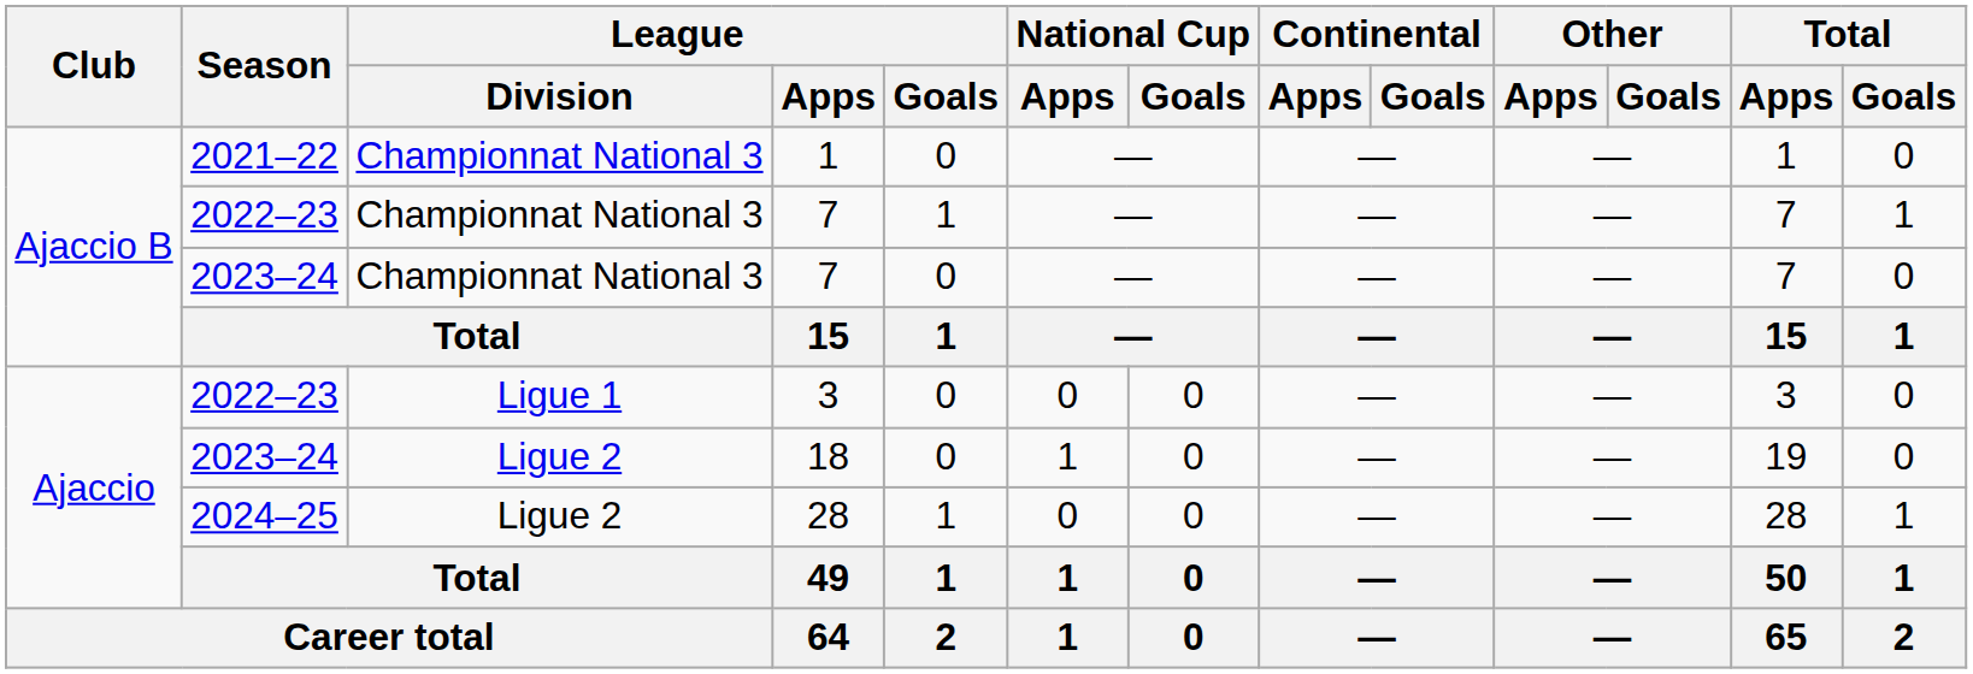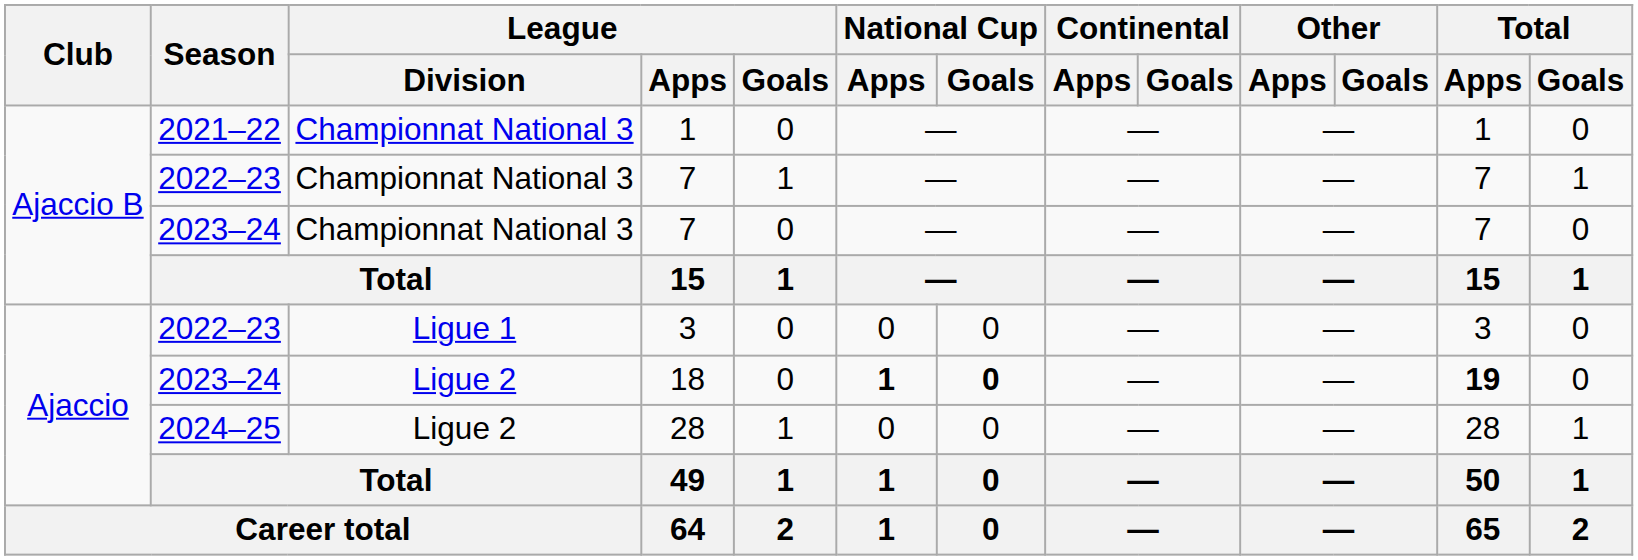 <table class=wikitable style=text-align:center>
 <tr>
 <th rowspan=2>Club</th>
 <th rowspan=2>Season</th>
 <th colspan=3>League</th>
 <th colspan=2>National Cup</th>
 <th colspan=2>Continental</th>
 <th colspan=2>Other</th>
 <th colspan=2>Total</th>
 </tr>
 <tr>
 <th>Division</th>
 <th>Apps</th>
 <th>Goals</th>
 <th>Apps</th>
 <th>Goals</th>
 <th>Apps</th>
 <th>Goals</th>
 <th>Apps</th>
 <th>Goals</th>
 <th>Apps</th>
 <th>Goals</th>
 </tr>
 <tr>
 <td rowspan="4"><a href='#'>Ajaccio B</a></td>
 <td><a href='#'>2021–22</a></td>
 <td><a href='#'>Championnat National 3</a></td>
 <td>1</td>
 <td>0</td>
 <td colspan="2">—</td>
 <td colspan="2">—</td>
 <td colspan="2">—</td>
 <td>1</td>
 <td>0</td>
 </tr>
 <tr>
 <td><a href='#'>2022–23</a></td>
 <td>Championnat National 3</td>
 <td>7</td>
 <td>1</td>
 <td colspan="2">—</td>
 <td colspan="2">—</td>
 <td colspan="2">—</td>
 <td>7</td>
 <td>1</td>
 </tr>
 <tr>
 <td><a href='#'>2023–24</a></td>
 <td>Championnat National 3</td>
 <td>7</td>
 <td>0</td>
 <td colspan="2">—</td>
 <td colspan="2">—</td>
 <td colspan="2">—</td>
 <td>7</td>
 <td>0</td>
 </tr>
 <tr>
 <th colspan="2">Total</th>
 <th>15</th>
 <th>1</th>
 <th colspan="2">—</th>
 <th colspan="2">—</th>
 <th colspan="2">—</th>
 <th>15</th>
 <th>1</th>
 </tr>
 <tr>
 <td rowspan="4"><a href='#'>Ajaccio</a></td>
 <td><a href='#'>2022–23</a></td>
 <td><a href='#'>Ligue 1</a></td>
 <td>3</td>
 <td>0</td>
 <td>0</td>
 <td>0</td>
 <td colspan="2">—</td>
 <td colspan="2">—</td>
 <td>3</td>
 <td>0</td>
 </tr>
 <tr>
 <td><a href='#'>2023–24</a></td>
 <td><a href='#'>Ligue 2</a></td>
 <td>18</td>
 <td>0</td>
-<td>1</td>
-<td>0</td>
+<td><strong>1</strong></td>
+<td><strong>0</strong></td>
 <td colspan="2">—</td>
 <td colspan="2">—</td>
-<td>19</td>
+<td><strong>19</strong></td>
 <td>0</td>
 </tr>
 <tr>
 <td><a href='#'>2024–25</a></td>
 <td>Ligue 2</td>
 <td>28</td>
 <td>1</td>
 <td>0</td>
 <td>0</td>
 <td colspan="2">—</td>
 <td colspan="2">—</td>
 <td>28</td>
 <td>1</td>
 </tr>
 <tr>
 <th colspan="2">Total</th>
 <th>49</th>
 <th>1</th>
 <th>1</th>
 <th>0</th>
 <th colspan="2">—</th>
 <th colspan="2">—</th>
 <th>50</th>
 <th>1</th>
 </tr>
 <tr>
 <th colspan="3">Career total</th>
 <th>64</th>
 <th>2</th>
 <th>1</th>
 <th>0</th>
 <th colspan="2">—</th>
 <th colspan="2">—</th>
 <th>65</th>
 <th>2</th>
 </tr>
 </table>
